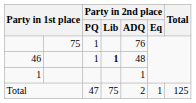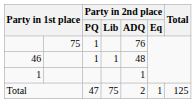 <table class="wikitable" style="text-align:right;">
 <tr>
 <th rowspan="2" colspan="2" style="text-align:left;">Party in 1st place</th>
 <th colspan="4">Party in 2nd place</th>
 <th rowspan="2">Total</th>
 </tr>
 <tr>
 <th>PQ</th>
 <th>Lib</th>
 <th>ADQ</th>
 <th>Eq</th>
 </tr>
 <tr>
 <td></td>
 <td>75</td>
 <td>1</td>
 <td></td>
 <td>76</td>
 </tr>
 <tr>
 <td>46</td>
 <td></td>
 <td>1</td>
-<td><strong>1</strong></td>
+<td>1</td>
 <td>48</td>
 </tr>
 <tr>
 <td>1</td>
 <td></td>
 <td></td>
 <td></td>
 <td>1</td>
 </tr>
 <tr>
 <td colspan="2" style="text-align:left;">Total</td>
 <td>47</td>
 <td>75</td>
 <td>2</td>
 <td>1</td>
 <td>125</td>
 </tr>
 </table>
